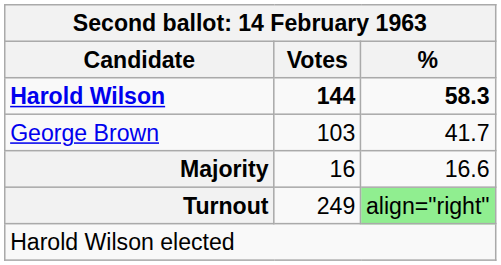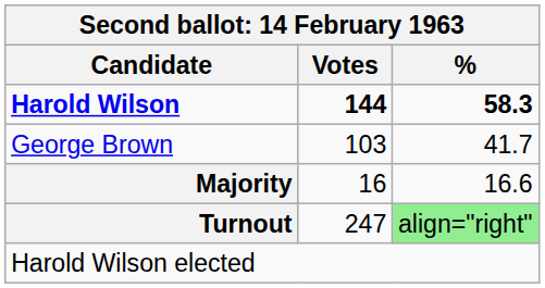 <table class="wikitable" style="font-size:95%;">
 <tr>
 <th colspan="3">Second ballot: 14 February 1963</th>
 </tr>
 <tr>
 <th style="width: 170px">Candidate</th>
 <th style="width: 50px">Votes</th>
 <th style="width: 40px">%</th>
 </tr>
 <tr>
 <td style="width: 170px"><strong><a href='#'>Harold Wilson</a></strong></td>
 <td align="right"><strong>144</strong></td>
 <td align="right"><strong>58.3</strong></td>
 </tr>
 <tr>
 <td style="width: 170px"><a href='#'>George Brown</a></td>
 <td align="right">103</td>
 <td align="right">41.7</td>
 </tr>
 <tr>
 <th style="text-align:right">Majority</th>
 <td align="right">16</td>
 <td align="right">16.6</td>
 </tr>
 <tr>
 <th style="text-align:right">Turnout</th>
-<td align="right">249</td>
+<td align="right">247</td>
 <td style="background: lightgreen;">align="right"            </td>
 </tr>
 <tr>
 <td colspan="4">Harold Wilson elected</td>
 </tr>
 </table>
